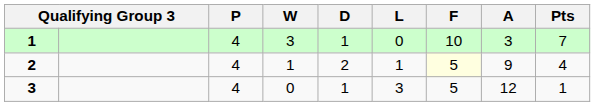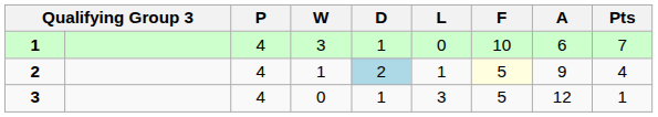 <table class="wikitable">
 <tr>
 <th colspan="2">Qualifying Group 3</th>
 <th rowspan="1">P</th>
 <th rowspan="1">W</th>
 <th colspan="1">D</th>
 <th colspan="1">L</th>
 <th colspan="1">F</th>
 <th colspan="1">A</th>
 <th colspan="1">Pts</th>
 </tr>
 <tr style="background:#ccffcc;">
 <td style="text-align:center" width="50"><strong>1</strong></td>
 <td width="150"><strong></strong></td>
 <td style="text-align:center" width="50">4</td>
 <td style="text-align:center" width="50">3</td>
 <td style="text-align:center" width="50">1</td>
 <td style="text-align:center" width="50">0</td>
 <td style="text-align:center" width="50">10</td>
-<td style="text-align:center" width="50">3</td>
+<td style="text-align:center" width="50">6</td>
 <td style="text-align:center" width="50">7</td>
 </tr>
 <tr>
 <td style="text-align:center"><strong>2</strong></td>
 <td></td>
 <td style="text-align:center">4</td>
 <td style="text-align:center">1</td>
-<td style="text-align:center">2</td>
+<td style="background: lightblue; text-align:center">2</td>
 <td style="text-align:center">1</td>
 <td style="background: lightyellow; text-align:center">5</td>
 <td style="text-align:center">9</td>
 <td style="text-align:center">4</td>
 </tr>
 <tr>
 <td style="text-align:center"><strong>3</strong></td>
 <td></td>
 <td style="text-align:center">4</td>
 <td style="text-align:center">0</td>
 <td style="text-align:center">1</td>
 <td style="text-align:center">3</td>
 <td style="text-align:center">5</td>
 <td style="text-align:center">12</td>
 <td style="text-align:center">1</td>
 </tr>
 </table>
